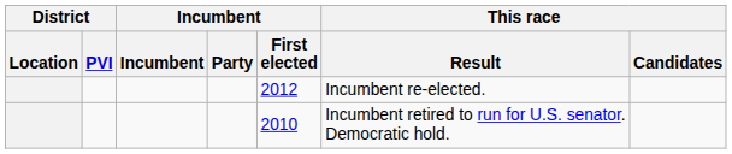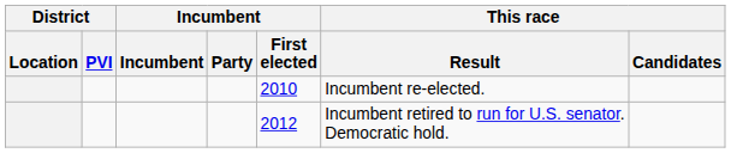 <table class="wikitable sortable">
 <tr valign=bottom>
 <th colspan=2>District</th>
 <th colspan=3>Incumbent</th>
 <th colspan=2>This race</th>
 </tr>
 <tr valign=bottom>
 <th>Location</th>
 <th><a href='#'>PVI</a></th>
 <th>Incumbent</th>
 <th>Party</th>
 <th>First<br>elected</th>
 <th>Result</th>
 <th>Candidates</th>
 </tr>
 <tr>
 <th></th>
 <td></td>
 <td></td>
 <td></td>
-<td><a href='#'>2012</a></td>
+<td><a href='#'>2010</a></td>
 <td>Incumbent re-elected.</td>
 <td nowrap></td>
 </tr>
 <tr>
 <th></th>
 <td></td>
 <td></td>
 <td></td>
-<td><a href='#'>2010</a></td>
+<td><a href='#'>2012</a></td>
 <td>Incumbent retired to <a href='#'>run for U.S. senator</a>.<br>Democratic hold.</td>
 <td nowrap></td>
 </tr>
 </table>
